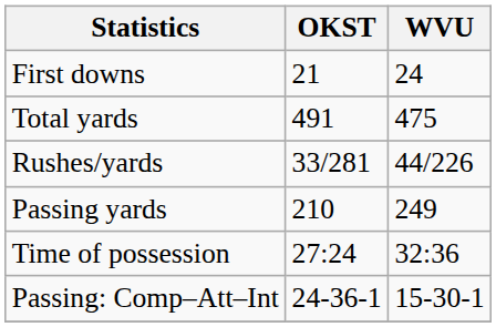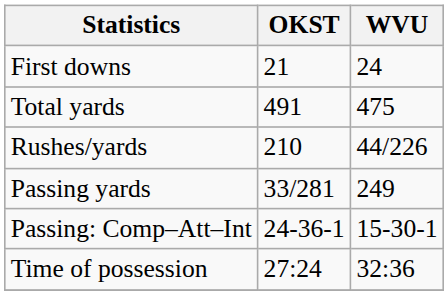 <table class="wikitable" style="float: left;">
 <tr>
 <th>Statistics</th>
 <th>OKST</th>
 <th>WVU</th>
 </tr>
 <tr>
 <td>First downs</td>
 <td>21</td>
 <td>24</td>
 </tr>
 <tr>
 <td>Total yards</td>
 <td>491</td>
 <td>475</td>
 </tr>
 <tr>
 <td>Rushes/yards</td>
-<td>33/281</td>
+<td>210</td>
 <td>44/226</td>
 </tr>
 <tr>
 <td>Passing yards</td>
-<td>210</td>
+<td>33/281</td>
 <td>249</td>
+</tr>
+<tr>
+<td>Passing: Comp–Att–Int</td>
+<td>24-36-1</td>
+<td>15-30-1</td>
 </tr>
 <tr>
 <td>Time of possession</td>
 <td>27:24</td>
 <td>32:36</td>
 </tr>
 <tr>
-<td>Passing: Comp–Att–Int</td>
-<td>24-36-1</td>
-<td>15-30-1</td>
-</tr>
-<tr>
 </tr>
 </table>
